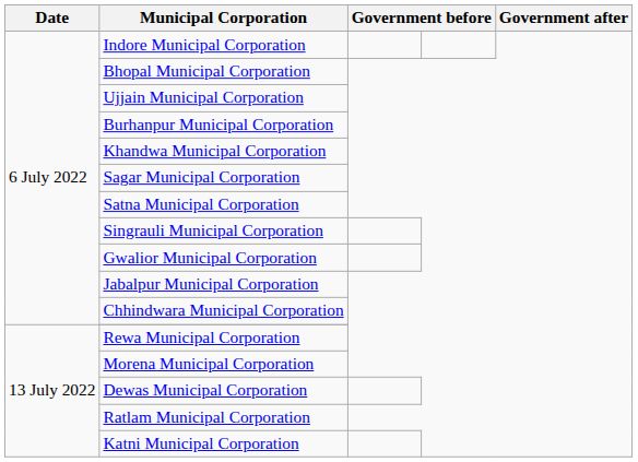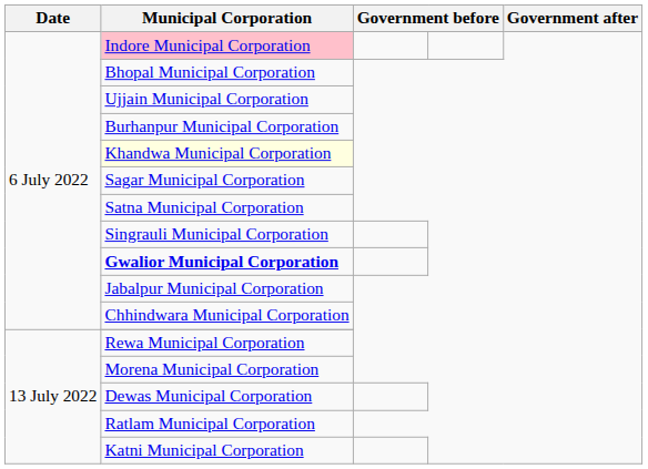 <table class="wikitable sortable">
 <tr>
 <th>Date</th>
 <th>Municipal Corporation</th>
 <th colspan=2>Government before</th>
 <th colspan=2>Government after</th>
 </tr>
 <tr>
 <td rowspan="11">6 July 2022</td>
-<td><a href='#'>Indore Municipal Corporation</a></td>
+<td style="background: pink;"><a href='#'>Indore Municipal Corporation</a></td>
 <td></td>
 <td></td>
 </tr>
 <tr>
 <td><a href='#'>Bhopal Municipal Corporation</a></td>
 </tr>
 <tr>
 <td><a href='#'>Ujjain Municipal Corporation</a></td>
 </tr>
 <tr>
 <td><a href='#'>Burhanpur Municipal Corporation</a></td>
 </tr>
 <tr>
-<td><a href='#'>Khandwa Municipal Corporation</a></td>
+<td style="background: lightyellow;"><a href='#'>Khandwa Municipal Corporation</a></td>
 </tr>
 <tr>
 <td><a href='#'>Sagar Municipal Corporation</a></td>
 </tr>
 <tr>
 <td><a href='#'>Satna Municipal Corporation</a></td>
 </tr>
 <tr>
 <td><a href='#'>Singrauli Municipal Corporation</a></td>
 <td></td>
 </tr>
 <tr>
-<td><a href='#'>Gwalior Municipal Corporation</a></td>
+<td><strong><a href='#'>Gwalior Municipal Corporation</a></strong></td>
 <td></td>
 </tr>
 <tr>
 <td><a href='#'>Jabalpur Municipal Corporation</a></td>
 </tr>
 <tr>
 <td><a href='#'>Chhindwara Municipal Corporation</a></td>
 </tr>
 <tr>
 <td rowspan="6">13 July 2022</td>
 </tr>
 <tr>
 <td><a href='#'>Rewa Municipal Corporation</a></td>
 </tr>
 <tr>
 <td><a href='#'>Morena Municipal Corporation</a></td>
 </tr>
 <tr>
 <td><a href='#'>Dewas Municipal Corporation</a></td>
 <td></td>
 </tr>
 <tr>
 <td><a href='#'>Ratlam Municipal Corporation</a></td>
 </tr>
 <tr>
 <td><a href='#'>Katni Municipal Corporation</a></td>
 <td></td>
 </tr>
 </table>
